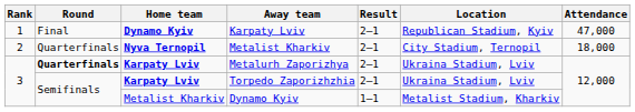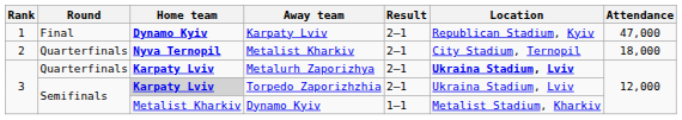 <table class="wikitable" style="text-align:center">
 <tr>
 <th>Rank</th>
 <th>Round</th>
 <th>Home team</th>
 <th>Away team</th>
 <th>Result</th>
 <th>Location</th>
 <th>Attendance</th>
 </tr>
 <tr>
 <td>1</td>
 <td align=left>Final</td>
 <td align=left><strong><a href='#'>Dynamo Kyiv</a></strong></td>
 <td align=left><a href='#'>Karpaty Lviv</a></td>
 <td align=left>2–1</td>
 <td align=left><a href='#'>Republican Stadium</a>, <a href='#'>Kyiv</a></td>
 <td>47,000</td>
 </tr>
 <tr>
 <td>2</td>
 <td align=left>Quarterfinals</td>
 <td align=left><strong><a href='#'>Nyva Ternopil</a></strong></td>
 <td align=left><a href='#'>Metalist Kharkiv</a></td>
 <td align=left>2–1</td>
 <td align=left><a href='#'>City Stadium</a>, <a href='#'>Ternopil</a></td>
 <td>18,000</td>
 </tr>
 <tr>
 <td rowspan="3">3</td>
-<td align=left><strong>Quarterfinals</strong></td>
+<td align=left>Quarterfinals</td>
 <td align=left><strong><a href='#'>Karpaty Lviv</a></strong></td>
 <td align=left><a href='#'>Metalurh Zaporizhya</a></td>
 <td align=left>2–1</td>
-<td align=left><a href='#'>Ukraina Stadium</a>, <a href='#'>Lviv</a></td>
+<td align=left><strong><a href='#'>Ukraina Stadium</a>, <a href='#'>Lviv</a></strong></td>
 <td rowspan="3">12,000</td>
 </tr>
 <tr>
 <td rowspan="2" align=left>Semifinals</td>
-<td align=left><strong><a href='#'>Karpaty Lviv</a></strong></td>
+<td align=left style="background: lightgrey;"><strong><a href='#'>Karpaty Lviv</a></strong></td>
 <td align=left><a href='#'>Torpedo Zaporizhzhia</a></td>
 <td align=left>2–1</td>
 <td align=left><a href='#'>Ukraina Stadium</a>, <a href='#'>Lviv</a></td>
 </tr>
 <tr>
 <td align=left><a href='#'>Metalist Kharkiv</a></td>
 <td align=left><a href='#'>Dynamo Kyiv</a></td>
 <td align=left>1–1</td>
 <td align=left><a href='#'>Metalist Stadium</a>, <a href='#'>Kharkiv</a></td>
 </tr>
 </table>
